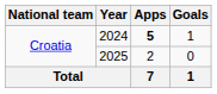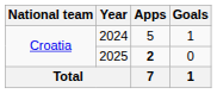 <table class=wikitable style=text-align:center>
 <tr>
 <th>National team</th>
 <th>Year</th>
 <th>Apps</th>
 <th>Goals</th>
 </tr>
 <tr>
 <td rowspan="2"><a href='#'>Croatia</a></td>
 <td>2024</td>
-<td><strong>5</strong></td>
+<td>5</td>
 <td>1</td>
 </tr>
 <tr>
 <td>2025</td>
-<td>2</td>
+<td><strong>2</strong></td>
 <td>0</td>
 </tr>
 <tr>
 <th colspan="2">Total</th>
 <th>7</th>
 <th>1</th>
 </tr>
 </table>
